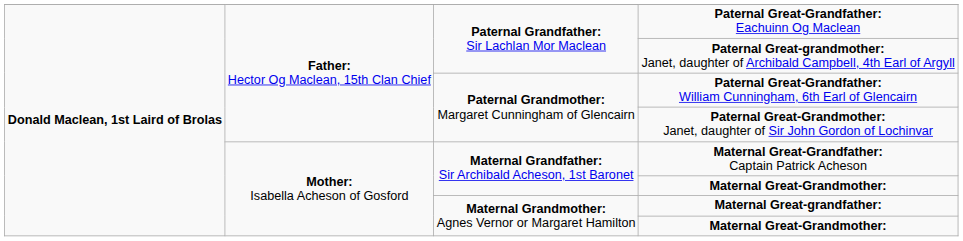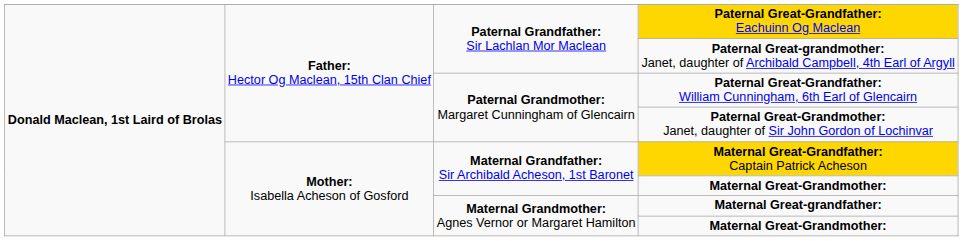 <table class="wikitable" style="margin:1em auto;">
 <tr>
 </tr>
 <tr>
 <td rowspan="8" align="center"><strong>Donald Maclean, 1st Laird of Brolas</strong></td>
 <td rowspan="4" align="center"><strong>Father:</strong><br><a href='#'>Hector Og Maclean, 15th Clan Chief</a></td>
 <td rowspan="2" align="center"><strong>Paternal Grandfather:</strong><br><a href='#'>Sir Lachlan Mor Maclean</a></td>
-<td align="center"><strong>Paternal Great-Grandfather:</strong><br><a href='#'>Eachuinn Og Maclean</a></td>
+<td align="center" style="background: gold;"><strong>Paternal Great-Grandfather:</strong><br><a href='#'>Eachuinn Og Maclean</a></td>
 </tr>
 <tr>
 <td align="center"><strong>Paternal Great-grandmother:</strong><br>Janet, daughter of <a href='#'>Archibald Campbell, 4th Earl of Argyll</a></td>
 </tr>
 <tr>
 <td rowspan="2" align="center"><strong>Paternal Grandmother:</strong><br>Margaret Cunningham of Glencairn</td>
 <td align="center"><strong>Paternal Great-Grandfather:</strong><br><a href='#'>William Cunningham, 6th Earl of Glencairn</a></td>
 </tr>
 <tr>
 <td align="center"><strong>Paternal Great-Grandmother:</strong><br>Janet, daughter of <a href='#'>Sir John Gordon of Lochinvar</a></td>
 </tr>
 <tr>
 <td rowspan="4" align="center"><strong>Mother:</strong><br>Isabella Acheson of Gosford</td>
 <td rowspan="2" align="center"><strong>Maternal Grandfather:</strong><br><a href='#'>Sir Archibald Acheson, 1st Baronet</a></td>
-<td align="center"><strong>Maternal Great-Grandfather:</strong><br>Captain Patrick Acheson</td>
+<td align="center" style="background: gold;"><strong>Maternal Great-Grandfather:</strong><br>Captain Patrick Acheson</td>
 </tr>
 <tr>
 <td align="center"><strong>Maternal Great-Grandmother:</strong><br></td>
 </tr>
 <tr>
 <td rowspan="2" align="center"><strong>Maternal Grandmother:</strong><br>Agnes Vernor or Margaret Hamilton</td>
 <td align="center"><strong>Maternal Great-grandfather:</strong><br></td>
 </tr>
 <tr>
 <td align="center"><strong>Maternal Great-Grandmother:</strong><br></td>
 </tr>
 </table>
